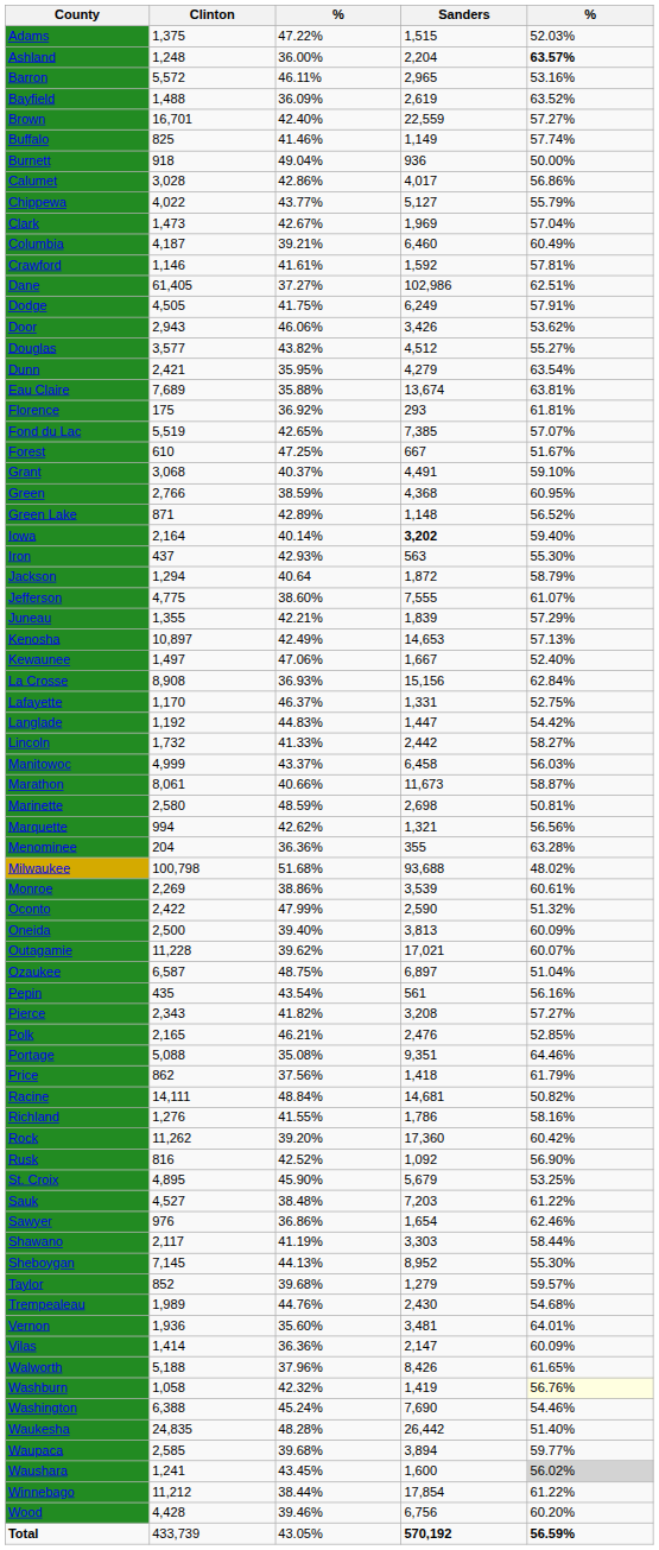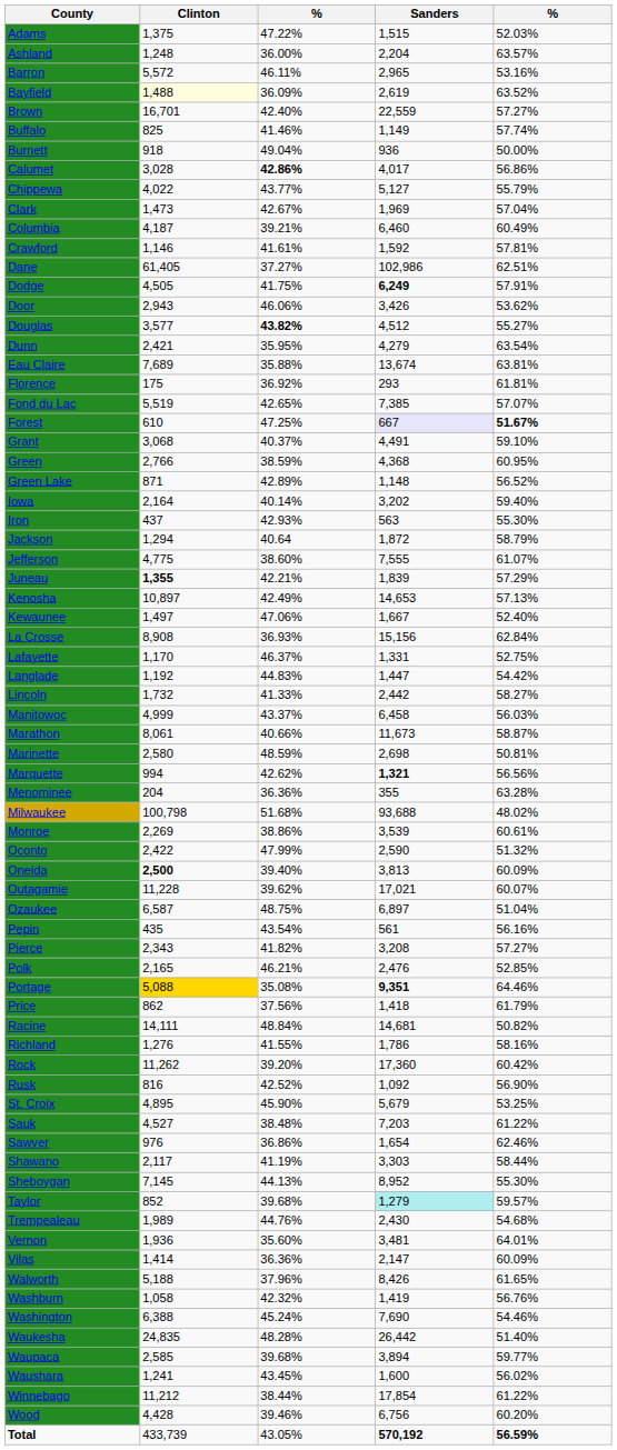 <table width="50%" class="wikitable sortable">
 <tr>
 <th width="10%">County</th>
 <th width="10%">Clinton</th>
 <th width="10%">%</th>
 <th width="10%">Sanders</th>
 <th width="10%">%</th>
 </tr>
 <tr>
 <td style="background:#228B22;"><a href='#'>Adams</a></td>
 <td>1,375</td>
 <td>47.22%</td>
 <td>1,515</td>
 <td>52.03%</td>
 </tr>
 <tr>
 <td style="background:#228B22;"><a href='#'>Ashland</a></td>
 <td>1,248</td>
 <td>36.00%</td>
 <td>2,204</td>
-<td><strong>63.57%</strong></td>
+<td>63.57%</td>
 </tr>
 <tr>
 <td style="background:#228B22;"><a href='#'>Barron</a></td>
 <td>5,572</td>
 <td>46.11%</td>
 <td>2,965</td>
 <td>53.16%</td>
 </tr>
 <tr>
 <td style="background:#228B22;"><a href='#'>Bayfield</a></td>
-<td>1,488</td>
+<td style="background: lightyellow;">1,488</td>
 <td>36.09%</td>
 <td>2,619</td>
 <td>63.52%</td>
 </tr>
 <tr>
 <td style="background:#228B22;"><a href='#'>Brown</a></td>
 <td>16,701</td>
 <td>42.40%</td>
 <td>22,559</td>
 <td>57.27%</td>
 </tr>
 <tr>
 <td style="background:#228B22;"><a href='#'>Buffalo</a></td>
 <td>825</td>
 <td>41.46%</td>
 <td>1,149</td>
 <td>57.74%</td>
 </tr>
 <tr>
 <td style="background:#228B22;"><a href='#'>Burnett</a></td>
 <td>918</td>
 <td>49.04%</td>
 <td>936</td>
 <td>50.00%</td>
 </tr>
 <tr>
 <td style="background:#228B22;"><a href='#'>Calumet</a></td>
 <td>3,028</td>
-<td>42.86%</td>
+<td><strong>42.86%</strong></td>
 <td>4,017</td>
 <td>56.86%</td>
 </tr>
 <tr>
 <td style="background:#228B22;"><a href='#'>Chippewa</a></td>
 <td>4,022</td>
 <td>43.77%</td>
 <td>5,127</td>
 <td>55.79%</td>
 </tr>
 <tr>
 <td style="background:#228B22;"><a href='#'>Clark</a></td>
 <td>1,473</td>
 <td>42.67%</td>
 <td>1,969</td>
 <td>57.04%</td>
 </tr>
 <tr>
 <td style="background:#228B22;"><a href='#'>Columbia</a></td>
 <td>4,187</td>
 <td>39.21%</td>
 <td>6,460</td>
 <td>60.49%</td>
 </tr>
 <tr>
 <td style="background:#228B22;"><a href='#'>Crawford</a></td>
 <td>1,146</td>
 <td>41.61%</td>
 <td>1,592</td>
 <td>57.81%</td>
 </tr>
 <tr>
 <td style="background:#228B22;"><a href='#'>Dane</a></td>
 <td>61,405</td>
 <td>37.27%</td>
 <td>102,986</td>
 <td>62.51%</td>
 </tr>
 <tr>
 <td style="background:#228B22;"><a href='#'>Dodge</a></td>
 <td>4,505</td>
 <td>41.75%</td>
-<td>6,249</td>
+<td><strong>6,249</strong></td>
 <td>57.91%</td>
 </tr>
 <tr>
 <td style="background:#228B22;"><a href='#'>Door</a></td>
 <td>2,943</td>
 <td>46.06%</td>
 <td>3,426</td>
 <td>53.62%</td>
 </tr>
 <tr>
 <td style="background:#228B22;"><a href='#'>Douglas</a></td>
 <td>3,577</td>
-<td>43.82%</td>
+<td><strong>43.82%</strong></td>
 <td>4,512</td>
 <td>55.27%</td>
 </tr>
 <tr>
 <td style="background:#228B22;"><a href='#'>Dunn</a></td>
 <td>2,421</td>
 <td>35.95%</td>
 <td>4,279</td>
 <td>63.54%</td>
 </tr>
 <tr>
 <td style="background:#228B22;"><a href='#'>Eau Claire</a></td>
 <td>7,689</td>
 <td>35.88%</td>
 <td>13,674</td>
 <td>63.81%</td>
 </tr>
 <tr>
 <td style="background:#228B22;"><a href='#'>Florence</a></td>
 <td>175</td>
 <td>36.92%</td>
 <td>293</td>
 <td>61.81%</td>
 </tr>
 <tr>
 <td style="background:#228B22;"><a href='#'>Fond du Lac</a></td>
 <td>5,519</td>
 <td>42.65%</td>
 <td>7,385</td>
 <td>57.07%</td>
 </tr>
 <tr>
 <td style="background:#228B22;"><a href='#'>Forest</a></td>
 <td>610</td>
 <td>47.25%</td>
-<td>667</td>
-<td>51.67%</td>
+<td style="background: lavender;">667</td>
+<td><strong>51.67%</strong></td>
 </tr>
 <tr>
 <td style="background:#228B22;"><a href='#'>Grant</a></td>
 <td>3,068</td>
 <td>40.37%</td>
 <td>4,491</td>
 <td>59.10%</td>
 </tr>
 <tr>
 <td style="background:#228B22;"><a href='#'>Green</a></td>
 <td>2,766</td>
 <td>38.59%</td>
 <td>4,368</td>
 <td>60.95%</td>
 </tr>
 <tr>
 <td style="background:#228B22;"><a href='#'>Green Lake</a></td>
 <td>871</td>
 <td>42.89%</td>
 <td>1,148</td>
 <td>56.52%</td>
 </tr>
 <tr>
 <td style="background:#228B22;"><a href='#'>Iowa</a></td>
 <td>2,164</td>
 <td>40.14%</td>
-<td><strong>3,202</strong></td>
+<td>3,202</td>
 <td>59.40%</td>
 </tr>
 <tr>
 <td style="background:#228B22;"><a href='#'>Iron</a></td>
 <td>437</td>
 <td>42.93%</td>
 <td>563</td>
 <td>55.30%</td>
 </tr>
 <tr>
 <td style="background:#228B22;"><a href='#'>Jackson</a></td>
 <td>1,294</td>
 <td>40.64</td>
 <td>1,872</td>
 <td>58.79%</td>
 </tr>
 <tr>
 <td style="background:#228B22;"><a href='#'>Jefferson</a></td>
 <td>4,775</td>
 <td>38.60%</td>
 <td>7,555</td>
 <td>61.07%</td>
 </tr>
 <tr>
 <td style="background:#228B22;"><a href='#'>Juneau</a></td>
-<td>1,355</td>
+<td><strong>1,355</strong></td>
 <td>42.21%</td>
 <td>1,839</td>
 <td>57.29%</td>
 </tr>
 <tr>
 <td style="background:#228B22;"><a href='#'>Kenosha</a></td>
 <td>10,897</td>
 <td>42.49%</td>
 <td>14,653</td>
 <td>57.13%</td>
 </tr>
 <tr>
 <td style="background:#228B22;"><a href='#'>Kewaunee</a></td>
 <td>1,497</td>
 <td>47.06%</td>
 <td>1,667</td>
 <td>52.40%</td>
 </tr>
 <tr>
 <td style="background:#228B22;"><a href='#'>La Crosse</a></td>
 <td>8,908</td>
 <td>36.93%</td>
 <td>15,156</td>
 <td>62.84%</td>
 </tr>
 <tr>
 <td style="background:#228B22;"><a href='#'>Lafayette</a></td>
 <td>1,170</td>
 <td>46.37%</td>
 <td>1,331</td>
 <td>52.75%</td>
 </tr>
 <tr>
 <td style="background:#228B22;"><a href='#'>Langlade</a></td>
 <td>1,192</td>
 <td>44.83%</td>
 <td>1,447</td>
 <td>54.42%</td>
 </tr>
 <tr>
 <td style="background:#228B22;"><a href='#'>Lincoln</a></td>
 <td>1,732</td>
 <td>41.33%</td>
 <td>2,442</td>
 <td>58.27%</td>
 </tr>
 <tr>
 <td style="background:#228B22;"><a href='#'>Manitowoc</a></td>
 <td>4,999</td>
 <td>43.37%</td>
 <td>6,458</td>
 <td>56.03%</td>
 </tr>
 <tr>
 <td style="background:#228B22;"><a href='#'>Marathon</a></td>
 <td>8,061</td>
 <td>40.66%</td>
 <td>11,673</td>
 <td>58.87%</td>
 </tr>
 <tr>
 <td style="background:#228B22;"><a href='#'>Marinette</a></td>
 <td>2,580</td>
 <td>48.59%</td>
 <td>2,698</td>
 <td>50.81%</td>
 </tr>
 <tr>
 <td style="background:#228B22;"><a href='#'>Marquette</a></td>
 <td>994</td>
 <td>42.62%</td>
-<td>1,321</td>
+<td><strong>1,321</strong></td>
 <td>56.56%</td>
 </tr>
 <tr>
 <td style="background:#228B22;"><a href='#'>Menominee</a></td>
 <td>204</td>
 <td>36.36%</td>
 <td>355</td>
 <td>63.28%</td>
 </tr>
 <tr>
 <td style="background:#D4AA00;"><a href='#'>Milwaukee</a></td>
 <td>100,798</td>
 <td>51.68%</td>
 <td>93,688</td>
 <td>48.02%</td>
 </tr>
 <tr>
 <td style="background:#228B22;"><a href='#'>Monroe</a></td>
 <td>2,269</td>
 <td>38.86%</td>
 <td>3,539</td>
 <td>60.61%</td>
 </tr>
 <tr>
 <td style="background:#228B22;"><a href='#'>Oconto</a></td>
 <td>2,422</td>
 <td>47.99%</td>
 <td>2,590</td>
 <td>51.32%</td>
 </tr>
 <tr>
 <td style="background:#228B22;"><a href='#'>Oneida</a></td>
-<td>2,500</td>
+<td><strong>2,500</strong></td>
 <td>39.40%</td>
 <td>3,813</td>
 <td>60.09%</td>
 </tr>
 <tr>
 <td style="background:#228B22;"><a href='#'>Outagamie</a></td>
 <td>11,228</td>
 <td>39.62%</td>
 <td>17,021</td>
 <td>60.07%</td>
 </tr>
 <tr>
 <td style="background:#228B22;"><a href='#'>Ozaukee</a></td>
 <td>6,587</td>
 <td>48.75%</td>
 <td>6,897</td>
 <td>51.04%</td>
 </tr>
 <tr>
 <td style="background:#228B22;"><a href='#'>Pepin</a></td>
 <td>435</td>
 <td>43.54%</td>
 <td>561</td>
 <td>56.16%</td>
 </tr>
 <tr>
 <td style="background:#228B22;"><a href='#'>Pierce</a></td>
 <td>2,343</td>
 <td>41.82%</td>
 <td>3,208</td>
 <td>57.27%</td>
 </tr>
 <tr>
 <td style="background:#228B22;"><a href='#'>Polk</a></td>
 <td>2,165</td>
 <td>46.21%</td>
 <td>2,476</td>
 <td>52.85%</td>
 </tr>
 <tr>
 <td style="background:#228B22;"><a href='#'>Portage</a></td>
-<td>5,088</td>
+<td style="background: gold;">5,088</td>
 <td>35.08%</td>
-<td>9,351</td>
+<td><strong>9,351</strong></td>
 <td>64.46%</td>
 </tr>
 <tr>
 <td style="background:#228B22;"><a href='#'>Price</a></td>
 <td>862</td>
 <td>37.56%</td>
 <td>1,418</td>
 <td>61.79%</td>
 </tr>
 <tr>
 <td style="background:#228B22;"><a href='#'>Racine</a></td>
 <td>14,111</td>
 <td>48.84%</td>
 <td>14,681</td>
 <td>50.82%</td>
 </tr>
 <tr>
 <td style="background:#228B22;"><a href='#'>Richland</a></td>
 <td>1,276</td>
 <td>41.55%</td>
 <td>1,786</td>
 <td>58.16%</td>
 </tr>
 <tr>
 <td style="background:#228B22;"><a href='#'>Rock</a></td>
 <td>11,262</td>
 <td>39.20%</td>
 <td>17,360</td>
 <td>60.42%</td>
 </tr>
 <tr>
 <td style="background:#228B22;"><a href='#'>Rusk</a></td>
 <td>816</td>
 <td>42.52%</td>
 <td>1,092</td>
 <td>56.90%</td>
 </tr>
 <tr>
 <td style="background:#228B22;"><a href='#'>St. Croix</a></td>
 <td>4,895</td>
 <td>45.90%</td>
 <td>5,679</td>
 <td>53.25%</td>
 </tr>
 <tr>
 <td style="background:#228B22;"><a href='#'>Sauk</a></td>
 <td>4,527</td>
 <td>38.48%</td>
 <td>7,203</td>
 <td>61.22%</td>
 </tr>
 <tr>
 <td style="background:#228B22;"><a href='#'>Sawyer</a></td>
 <td>976</td>
 <td>36.86%</td>
 <td>1,654</td>
 <td>62.46%</td>
 </tr>
 <tr>
 <td style="background:#228B22;"><a href='#'>Shawano</a></td>
 <td>2,117</td>
 <td>41.19%</td>
 <td>3,303</td>
 <td>58.44%</td>
 </tr>
 <tr>
 <td style="background:#228B22;"><a href='#'>Sheboygan</a></td>
 <td>7,145</td>
 <td>44.13%</td>
 <td>8,952</td>
 <td>55.30%</td>
 </tr>
 <tr>
 <td style="background:#228B22;"><a href='#'>Taylor</a></td>
 <td>852</td>
 <td>39.68%</td>
-<td>1,279</td>
+<td style="background: paleturquoise;">1,279</td>
 <td>59.57%</td>
 </tr>
 <tr>
 <td style="background:#228B22;"><a href='#'>Trempealeau</a></td>
 <td>1,989</td>
 <td>44.76%</td>
 <td>2,430</td>
 <td>54.68%</td>
 </tr>
 <tr>
 <td style="background:#228B22;"><a href='#'>Vernon</a></td>
 <td>1,936</td>
 <td>35.60%</td>
 <td>3,481</td>
 <td>64.01%</td>
 </tr>
 <tr>
 <td style="background:#228B22;"><a href='#'>Vilas</a></td>
 <td>1,414</td>
 <td>36.36%</td>
 <td>2,147</td>
 <td>60.09%</td>
 </tr>
 <tr>
 <td style="background:#228B22;"><a href='#'>Walworth</a></td>
 <td>5,188</td>
 <td>37.96%</td>
 <td>8,426</td>
 <td>61.65%</td>
 </tr>
 <tr>
 <td style="background:#228B22;"><a href='#'>Washburn</a></td>
 <td>1,058</td>
 <td>42.32%</td>
 <td>1,419</td>
-<td style="background: lightyellow;">56.76%</td>
+<td>56.76%</td>
 </tr>
 <tr>
 <td style="background:#228B22;"><a href='#'>Washington</a></td>
 <td>6,388</td>
 <td>45.24%</td>
 <td>7,690</td>
 <td>54.46%</td>
 </tr>
 <tr>
 <td style="background:#228B22;"><a href='#'>Waukesha</a></td>
 <td>24,835</td>
 <td>48.28%</td>
 <td>26,442</td>
 <td>51.40%</td>
 </tr>
 <tr>
 <td style="background:#228B22;"><a href='#'>Waupaca</a></td>
 <td>2,585</td>
 <td>39.68%</td>
 <td>3,894</td>
 <td>59.77%</td>
 </tr>
 <tr>
 <td style="background:#228B22;"><a href='#'>Waushara</a></td>
 <td>1,241</td>
 <td>43.45%</td>
 <td>1,600</td>
-<td style="background: lightgrey;">56.02%</td>
+<td>56.02%</td>
 </tr>
 <tr>
 <td style="background:#228B22;"><a href='#'>Winnebago</a></td>
 <td>11,212</td>
 <td>38.44%</td>
 <td>17,854</td>
 <td>61.22%</td>
 </tr>
 <tr>
 <td style="background:#228B22;"><a href='#'>Wood</a></td>
 <td>4,428</td>
 <td>39.46%</td>
 <td>6,756</td>
 <td>60.20%</td>
 </tr>
 <tr>
 <td><strong>Total</strong></td>
 <td>433,739</td>
 <td>43.05%</td>
 <td><strong>570,192</strong></td>
 <td><strong>56.59%</strong></td>
 </tr>
 </table>
